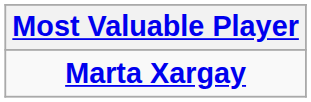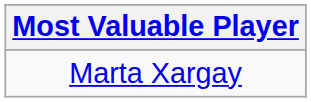 <table class=wikitable style="text-align:center; margin:auto">
 <tr>
 <th><a href='#'>Most Valuable Player</a></th>
 </tr>
 <tr>
-<td><strong> <a href='#'>Marta Xargay</a></strong></td>
+<td> <a href='#'>Marta Xargay</a></td>
 </tr>
 </table>
